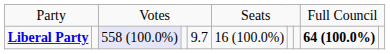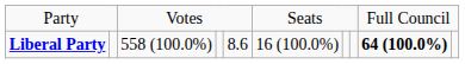 <table class=wikitable style="text-align:center;">
 <tr>
 <td colspan=2>Party</td>
 <td colspan=3>Votes</td>
 <td colspan=3>Seats</td>
 <td colspan=3>Full Council</td>
 </tr>
 <tr>
 <td><strong><a href='#'>Liberal Party</a></strong></td>
 <td style="background:"></td>
-<td style="background: lavender;">558 (100.0%)</td>
+<td>558 (100.0%)</td>
 <td></td>
-<td> 9.7</td>
+<td> 8.6</td>
 <td>16 (100.0%)</td>
 <td></td>
 <td></td>
 <td><strong>64 (100.0%)</strong></td>
 <td></td>
 </tr>
 </table>
